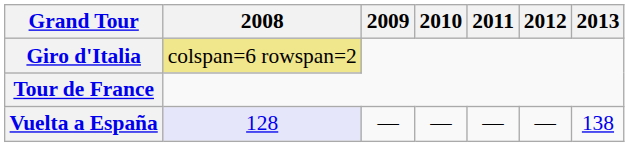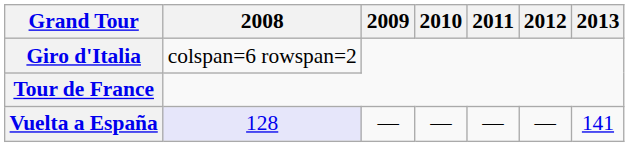 <table class="wikitable plainrowheaders">
 <tr>
 <th scope="col"><a href='#'>Grand Tour</a></th>
 <th scope="col">2008</th>
 <th scope="col">2009</th>
 <th scope="col">2010</th>
 <th scope="col">2011</th>
 <th scope="col">2012</th>
 <th scope="col">2013</th>
 </tr>
 <tr style="text-align:center;">
 <th scope="row"> <a href='#'>Giro d'Italia</a></th>
-<td style="background: khaki;">colspan=6 rowspan=2 </td>
+<td>colspan=6 rowspan=2 </td>
 </tr>
 <tr style="text-align:center;">
 <th scope="row"> <a href='#'>Tour de France</a></th>
 </tr>
 <tr style="text-align:center;">
 <th scope="row"> <a href='#'>Vuelta a España</a></th>
 <td style="background: lavender;"><a href='#'>128</a></td>
 <td>—</td>
 <td>—</td>
 <td>—</td>
 <td>—</td>
-<td><a href='#'>138</a></td>
+<td><a href='#'>141</a></td>
 </tr>
 </table>
